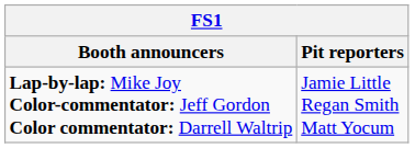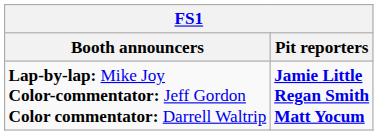 <table class="wikitable" style="font-size: 95%">
 <tr>
 <th colspan="2"><a href='#'>FS1</a></th>
 </tr>
 <tr>
 <th>Booth announcers</th>
 <th>Pit reporters</th>
 </tr>
 <tr>
 <td><strong>Lap-by-lap:</strong> <a href='#'>Mike Joy</a><br><strong>Color-commentator:</strong> <a href='#'>Jeff Gordon</a><br><strong>Color commentator:</strong> <a href='#'>Darrell Waltrip</a></td>
-<td><a href='#'>Jamie Little</a><br><a href='#'>Regan Smith</a><br><a href='#'>Matt Yocum</a></td>
+<td><strong><a href='#'>Jamie Little</a><br><a href='#'>Regan Smith</a><br><a href='#'>Matt Yocum</a></strong></td>
 </tr>
 </table>
